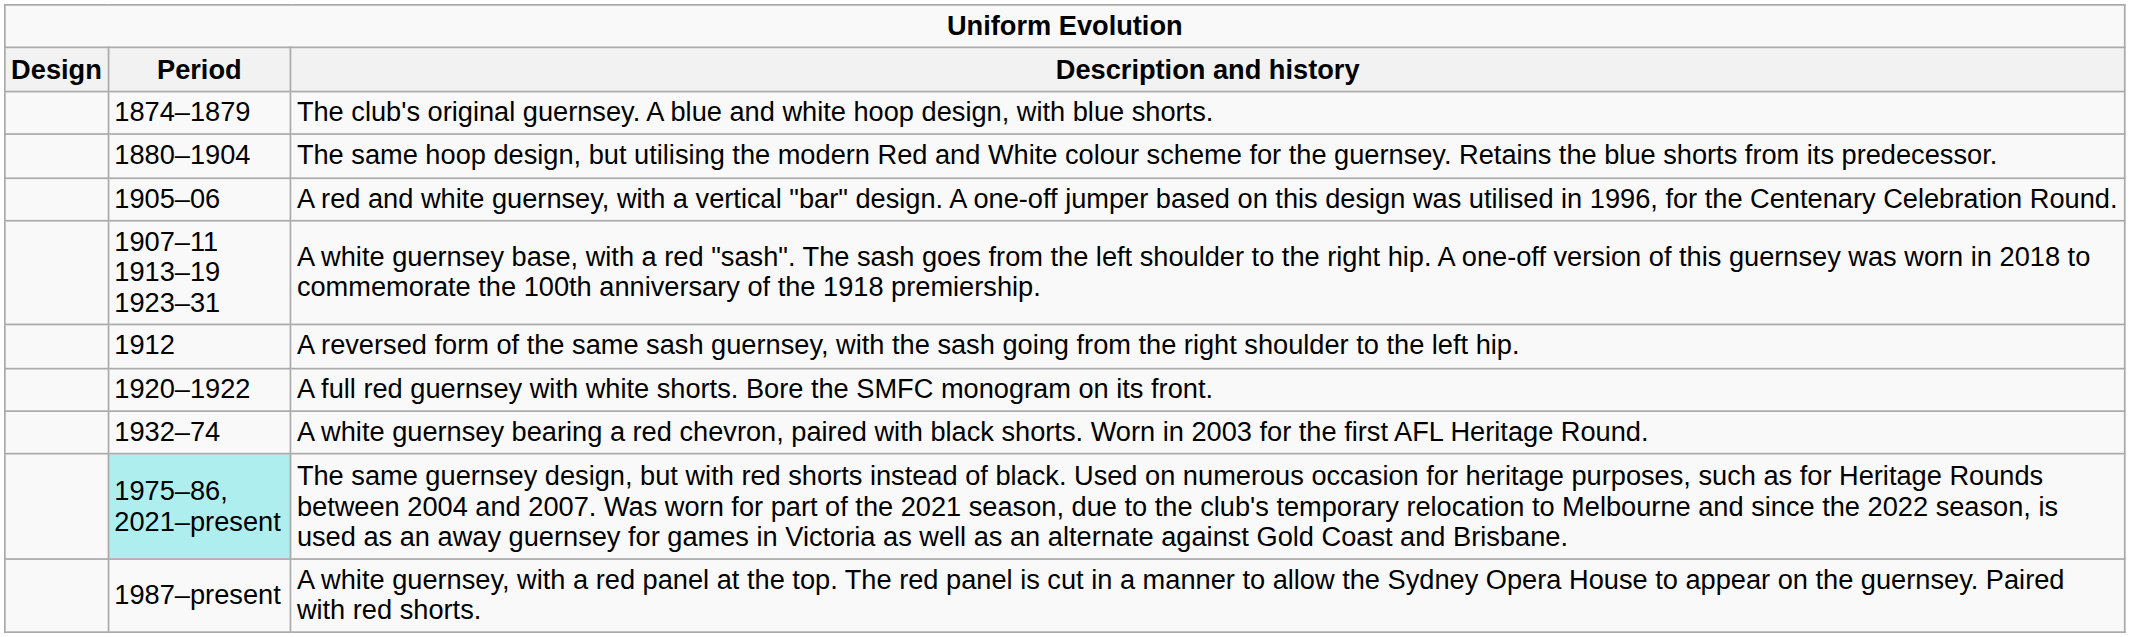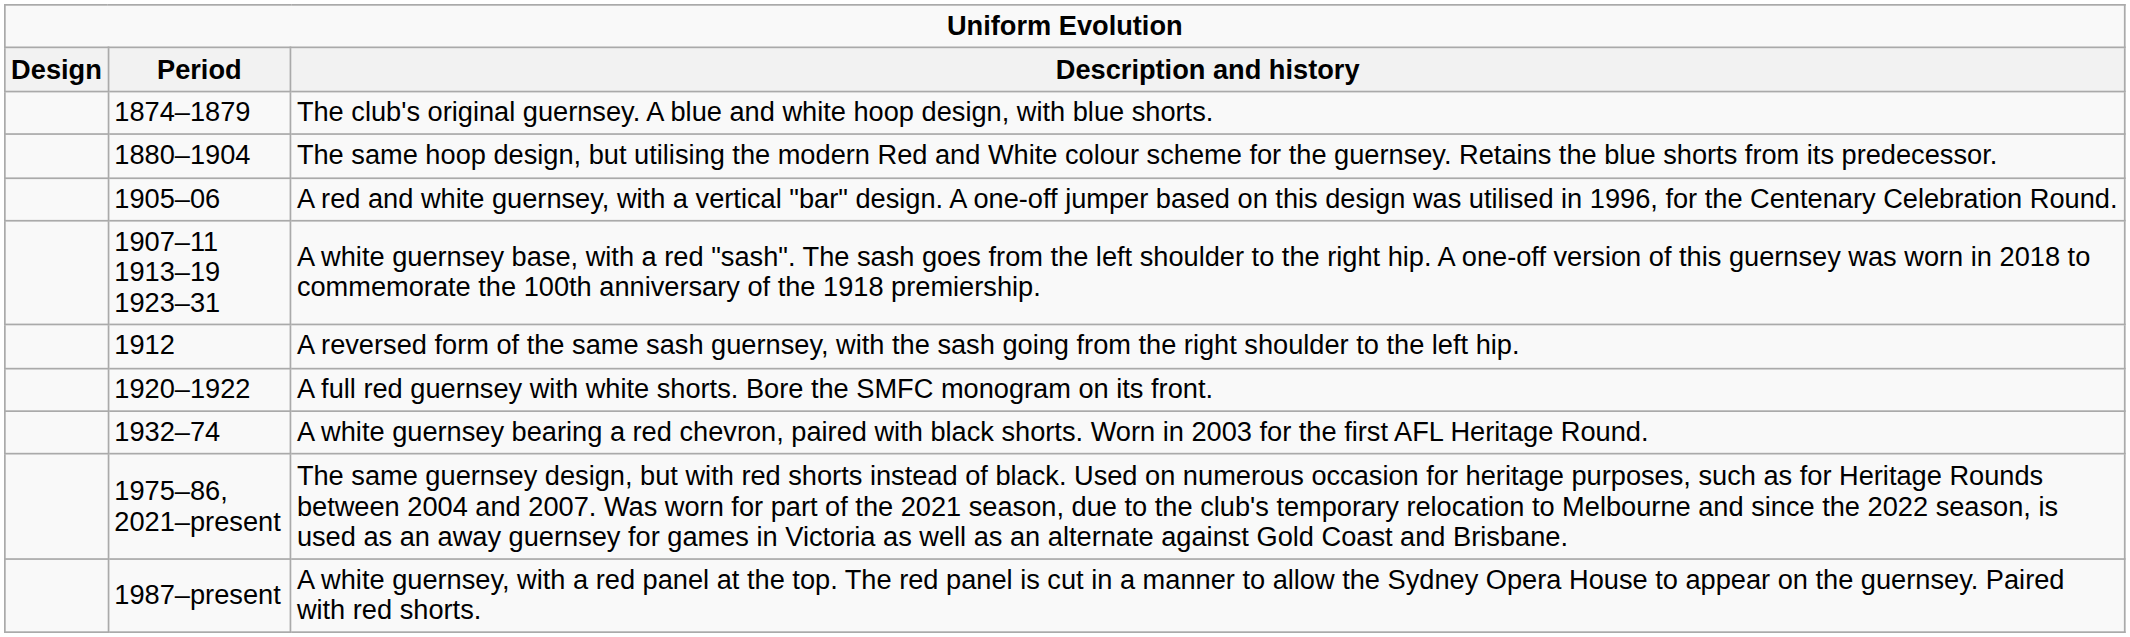 <table class="wikitable mw-collapsible">
 <tr>
 <td ! colspan="3" style="text-align: center"><strong>Uniform Evolution</strong></td>
 </tr>
 <tr>
 <th>Design</th>
 <th width=100px>Period</th>
 <th>Description and history</th>
 </tr>
 <tr>
 <td></td>
 <td>1874–1879</td>
 <td>The club's original guernsey. A blue and white hoop design, with blue shorts.</td>
 </tr>
 <tr>
 <td></td>
 <td>1880–1904</td>
 <td>The same hoop design, but utilising the modern Red and White colour scheme for the guernsey. Retains the blue shorts from its predecessor.</td>
 </tr>
 <tr>
 <td></td>
 <td>1905–06</td>
 <td>A red and white guernsey, with a vertical "bar" design. A one-off jumper based on this design was utilised in 1996, for the Centenary Celebration Round.</td>
 </tr>
 <tr>
 <td></td>
 <td>1907–11<br>1913–19<br>1923–31</td>
 <td>A white guernsey base, with a red "sash". The sash goes from the left shoulder to the right hip. A one-off version of this guernsey was worn in 2018 to commemorate the 100th anniversary of the 1918 premiership.</td>
 </tr>
 <tr>
 <td></td>
 <td>1912</td>
 <td>A reversed form of the same sash guernsey, with the sash going from the right shoulder to the left hip.</td>
 </tr>
 <tr>
 <td></td>
 <td>1920–1922</td>
 <td>A full red guernsey with white shorts. Bore the SMFC monogram on its front.</td>
 </tr>
 <tr>
 <td></td>
 <td>1932–74</td>
 <td>A white guernsey bearing a red chevron, paired with black shorts. Worn in 2003 for the first AFL Heritage Round.</td>
 </tr>
 <tr>
 <td></td>
-<td style="background: paleturquoise;">1975–86, 2021–present</td>
+<td>1975–86, 2021–present</td>
 <td>The same guernsey design, but with red shorts instead of black. Used on numerous occasion for heritage purposes, such as for Heritage Rounds between 2004 and 2007. Was worn for part of the 2021 season, due to the club's temporary relocation to Melbourne and since the 2022 season, is used as an away guernsey for games in Victoria as well as an alternate against Gold Coast and Brisbane.</td>
 </tr>
 <tr>
 <td></td>
 <td>1987–present</td>
 <td>A white guernsey, with a red panel at the top. The red panel is cut in a manner to allow the Sydney Opera House to appear on the guernsey. Paired with red shorts.</td>
 </tr>
 </table>
